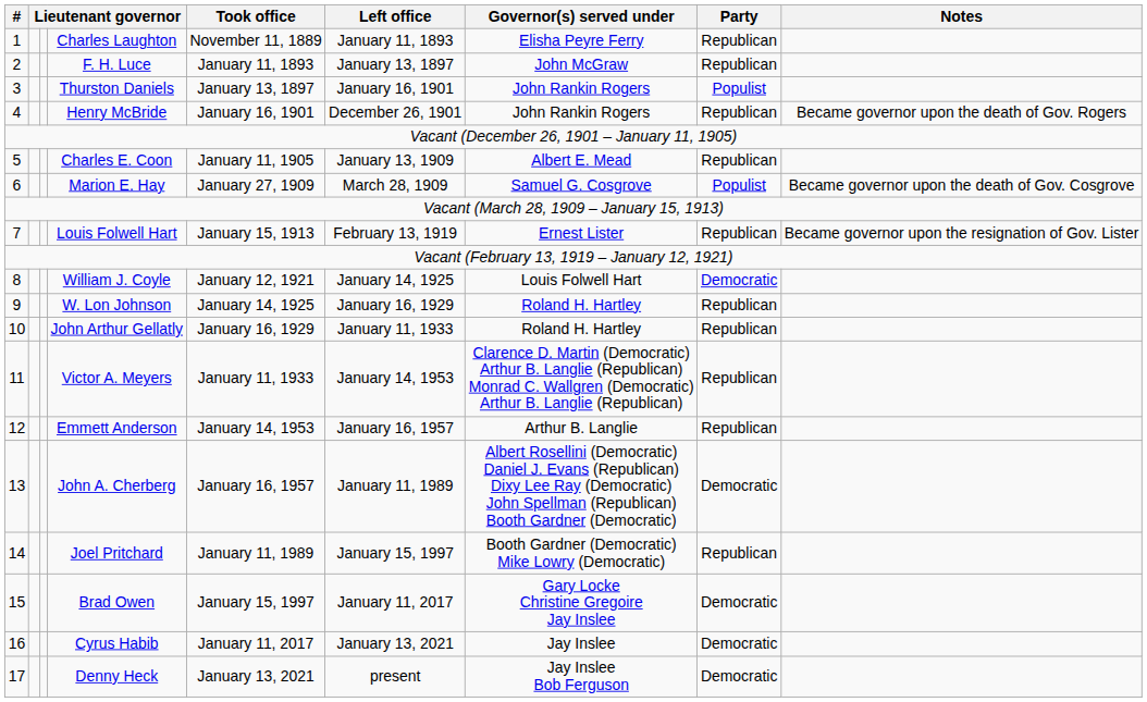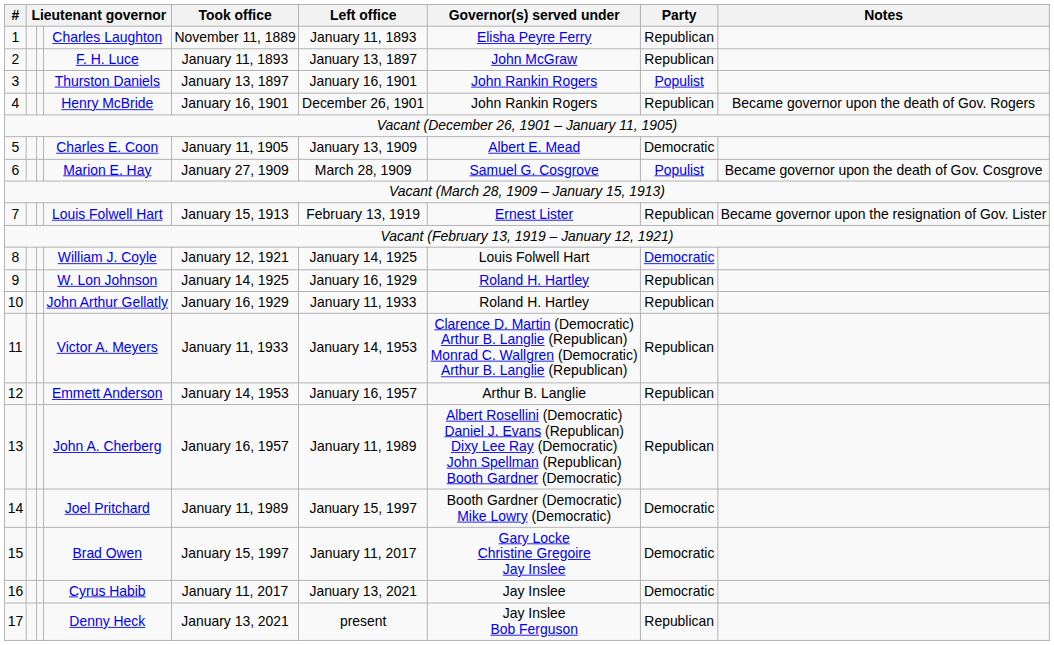 <table class="wikitable" style="text-align:center;">
 <tr>
 <th>#</th>
 <th colspan="3">Lieutenant governor</th>
 <th>Took office</th>
 <th>Left office</th>
 <th>Governor(s) served under</th>
 <th>Party</th>
 <th>Notes</th>
 </tr>
 <tr>
 <td>1</td>
 <td style="width: 0.3em; background: "> </td>
 <td></td>
 <td><a href='#'>Charles Laughton</a></td>
 <td>November 11, 1889</td>
 <td>January 11, 1893</td>
 <td><a href='#'>Elisha Peyre Ferry</a></td>
 <td>Republican</td>
 <td></td>
 </tr>
 <tr>
 <td>2</td>
 <td style="background: "></td>
 <td></td>
 <td><a href='#'>F. H. Luce</a></td>
 <td>January 11, 1893</td>
 <td>January 13, 1897</td>
 <td><a href='#'>John McGraw</a></td>
 <td>Republican</td>
 <td></td>
 </tr>
 <tr>
 <td>3</td>
 <td style="background: "></td>
 <td></td>
 <td><a href='#'>Thurston Daniels</a></td>
 <td>January 13, 1897</td>
 <td>January 16, 1901</td>
 <td><a href='#'>John Rankin Rogers</a></td>
 <td><a href='#'>Populist</a></td>
 <td></td>
 </tr>
 <tr>
 <td>4</td>
 <td style="background: "></td>
 <td></td>
 <td><a href='#'>Henry McBride</a></td>
 <td>January 16, 1901</td>
 <td>December 26, 1901</td>
 <td>John Rankin Rogers</td>
 <td>Republican</td>
 <td>Became governor upon the death of Gov. Rogers</td>
 </tr>
 <tr>
 <td colspan=9><em>Vacant (December 26, 1901 – January 11, 1905)</em></td>
 </tr>
 <tr>
 <td>5</td>
 <td style="background: "></td>
 <td></td>
 <td><a href='#'>Charles E. Coon</a></td>
 <td>January 11, 1905</td>
 <td>January 13, 1909</td>
 <td><a href='#'>Albert E. Mead</a></td>
-<td>Republican</td>
+<td>Democratic</td>
 <td></td>
 </tr>
 <tr>
 <td>6</td>
 <td style="background: "></td>
 <td></td>
 <td><a href='#'>Marion E. Hay</a></td>
 <td>January 27, 1909</td>
 <td>March 28, 1909</td>
 <td><a href='#'>Samuel G. Cosgrove</a></td>
 <td><a href='#'>Populist</a></td>
 <td>Became governor upon the death of Gov. Cosgrove</td>
 </tr>
 <tr>
 <td colspan=9><em>Vacant (March 28, 1909 – January 15, 1913)</em></td>
 </tr>
 <tr>
 <td>7</td>
 <td style="background: "></td>
 <td></td>
 <td><a href='#'>Louis Folwell Hart</a></td>
 <td>January 15, 1913</td>
 <td>February 13, 1919</td>
 <td><a href='#'>Ernest Lister</a></td>
 <td>Republican</td>
 <td>Became governor upon the resignation of Gov. Lister</td>
 </tr>
 <tr>
 <td colspan=9><em>Vacant (February 13, 1919 – January 12, 1921)</em></td>
 </tr>
 <tr>
 <td>8</td>
 <td style="background: "></td>
 <td></td>
 <td><a href='#'>William J. Coyle</a></td>
 <td>January 12, 1921</td>
 <td>January 14, 1925</td>
 <td>Louis Folwell Hart</td>
 <td><a href='#'>Democratic</a></td>
 <td></td>
 </tr>
 <tr>
 <td>9</td>
 <td style="background: "></td>
 <td></td>
 <td><a href='#'>W. Lon Johnson</a></td>
 <td>January 14, 1925</td>
 <td>January 16, 1929</td>
 <td><a href='#'>Roland H. Hartley</a></td>
 <td>Republican</td>
 <td></td>
 </tr>
 <tr>
 <td>10</td>
 <td style="background: "></td>
 <td></td>
 <td><a href='#'>John Arthur Gellatly</a></td>
 <td>January 16, 1929</td>
 <td>January 11, 1933</td>
 <td>Roland H. Hartley</td>
 <td>Republican</td>
 <td></td>
 </tr>
 <tr>
 <td>11</td>
 <td style="background: "></td>
 <td></td>
 <td><a href='#'>Victor A. Meyers</a></td>
 <td>January 11, 1933</td>
 <td>January 14, 1953</td>
 <td><a href='#'>Clarence D. Martin</a> (Democratic)<br><a href='#'>Arthur B. Langlie</a> (Republican)<br><a href='#'>Monrad C. Wallgren</a> (Democratic)<br><a href='#'>Arthur B. Langlie</a> (Republican)</td>
 <td>Republican</td>
 <td></td>
 </tr>
 <tr>
 <td>12</td>
 <td style="background: "></td>
 <td></td>
 <td><a href='#'>Emmett Anderson</a></td>
 <td>January 14, 1953</td>
 <td>January 16, 1957</td>
 <td>Arthur B. Langlie</td>
 <td>Republican</td>
 <td></td>
 </tr>
 <tr>
 <td>13</td>
 <td style="background: "></td>
 <td></td>
 <td><a href='#'>John A. Cherberg</a></td>
 <td>January 16, 1957</td>
 <td>January 11, 1989</td>
 <td><a href='#'>Albert Rosellini</a> (Democratic)<br><a href='#'>Daniel J. Evans</a> (Republican)<br><a href='#'>Dixy Lee Ray</a> (Democratic)<br><a href='#'>John Spellman</a> (Republican)<br><a href='#'>Booth Gardner</a> (Democratic)</td>
-<td>Democratic</td>
+<td>Republican</td>
 <td></td>
 </tr>
 <tr>
 <td>14</td>
 <td style="background: "></td>
 <td></td>
 <td><a href='#'>Joel Pritchard</a></td>
 <td>January 11, 1989</td>
 <td>January 15, 1997</td>
 <td>Booth Gardner (Democratic)<br><a href='#'>Mike Lowry</a> (Democratic)</td>
-<td>Republican</td>
+<td>Democratic</td>
 <td></td>
 </tr>
 <tr>
 <td>15</td>
 <td style="background: "></td>
 <td></td>
 <td><a href='#'>Brad Owen</a></td>
 <td>January 15, 1997</td>
 <td>January 11, 2017</td>
 <td><a href='#'>Gary Locke</a><br><a href='#'>Christine Gregoire</a><br><a href='#'>Jay Inslee</a></td>
 <td>Democratic</td>
 <td></td>
 </tr>
 <tr>
 <td>16</td>
 <td style="background: "></td>
 <td></td>
 <td><a href='#'>Cyrus Habib</a></td>
 <td>January 11, 2017</td>
 <td>January 13, 2021</td>
 <td>Jay Inslee</td>
 <td>Democratic</td>
 <td></td>
 </tr>
 <tr>
 <td>17</td>
 <td style="background: "></td>
 <td></td>
 <td><a href='#'>Denny Heck</a></td>
 <td>January 13, 2021</td>
 <td>present</td>
 <td>Jay Inslee<br><a href='#'>Bob Ferguson</a></td>
-<td>Democratic</td>
+<td>Republican</td>
 <td></td>
 </tr>
 </table>
